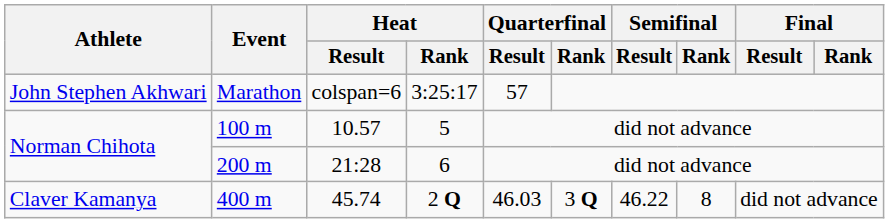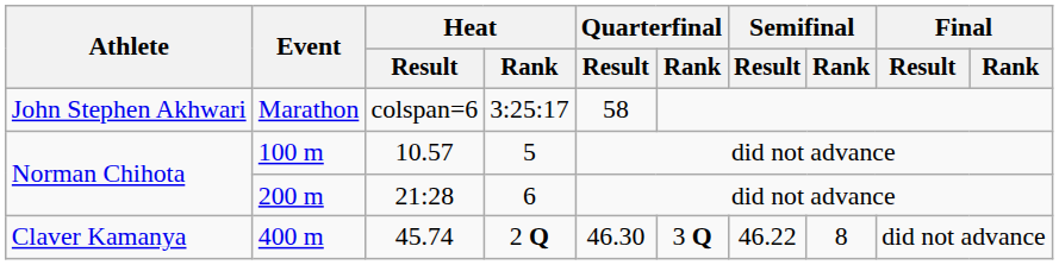 <table class="wikitable" style="font-size:90%">
 <tr>
 <th rowspan="2">Athlete</th>
 <th rowspan="2">Event</th>
 <th colspan="2">Heat</th>
 <th colspan="2">Quarterfinal</th>
 <th colspan="2">Semifinal</th>
 <th colspan="2">Final</th>
 </tr>
 <tr style="font-size:95%">
 <th>Result</th>
 <th>Rank</th>
 <th>Result</th>
 <th>Rank</th>
 <th>Result</th>
 <th>Rank</th>
 <th>Result</th>
 <th>Rank</th>
 </tr>
 <tr align=center>
 <td align=left><a href='#'>John Stephen Akhwari</a></td>
 <td align=left><a href='#'>Marathon</a></td>
 <td>colspan=6 </td>
 <td>3:25:17</td>
-<td>57</td>
+<td>58</td>
 </tr>
 <tr align=center>
 <td align=left rowspan=2><a href='#'>Norman Chihota</a></td>
 <td align=left><a href='#'>100 m</a></td>
 <td>10.57</td>
 <td>5</td>
 <td colspan=6>did not advance</td>
 </tr>
 <tr align=center>
 <td align=left><a href='#'>200 m</a></td>
 <td>21:28</td>
 <td>6</td>
 <td colspan=6>did not advance</td>
 </tr>
 <tr align=center>
 <td align=left><a href='#'>Claver Kamanya</a></td>
 <td align=left><a href='#'>400 m</a></td>
 <td>45.74</td>
 <td>2 <strong>Q</strong></td>
-<td>46.03</td>
+<td>46.30</td>
 <td>3 <strong>Q</strong></td>
 <td>46.22</td>
 <td>8</td>
 <td colspan=2>did not advance</td>
 </tr>
 </table>
